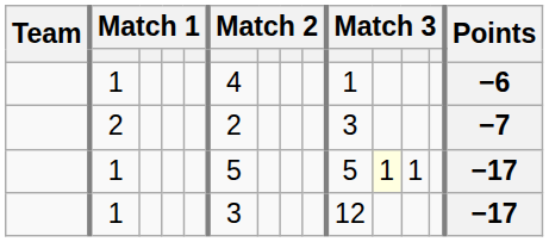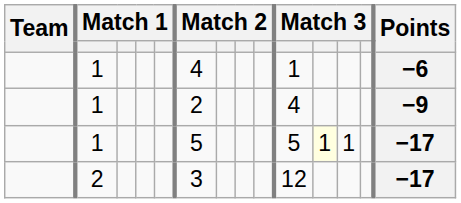 <table class="wikitable sortable" style="text-align:center;">
 <tr>
 <th rowspan=2>Team</th>
 <th colspan=4 style="border-left:3px solid gray">Match 1</th>
 <th colspan=4 style="border-left:3px solid gray">Match 2</th>
 <th colspan=4 style="border-left:3px solid gray">Match 3</th>
 <th rowspan=2 style="border-left:3px solid gray">Points</th>
 </tr>
 <tr>
 <th style="border-left:3px solid gray"></th>
 <th></th>
 <th></th>
 <th></th>
 <th style="border-left:3px solid gray"></th>
 <th></th>
 <th></th>
 <th></th>
 <th style="border-left:3px solid gray"></th>
 <th></th>
 <th></th>
 <th></th>
 </tr>
 <tr>
 <td align=left></td>
 <td style="border-left:3px solid gray">1</td>
 <td></td>
 <td></td>
 <td></td>
 <td style="border-left:3px solid gray">4</td>
 <td></td>
 <td></td>
 <td></td>
 <td style="border-left:3px solid gray">1</td>
 <td></td>
 <td></td>
 <td></td>
 <th style="border-left:3px solid gray">−6</th>
 </tr>
 <tr>
 <td align=left></td>
-<td style="border-left:3px solid gray">2</td>
+<td style="border-left:3px solid gray">1</td>
 <td></td>
 <td></td>
 <td></td>
 <td style="border-left:3px solid gray">2</td>
 <td></td>
 <td></td>
 <td></td>
-<td style="border-left:3px solid gray">3</td>
+<td style="border-left:3px solid gray">4</td>
 <td></td>
 <td></td>
 <td></td>
-<th style="border-left:3px solid gray">−7</th>
+<th style="border-left:3px solid gray">−9</th>
 </tr>
 <tr>
 <td align=left></td>
 <td style="border-left:3px solid gray">1</td>
 <td></td>
 <td></td>
 <td></td>
 <td style="border-left:3px solid gray">5</td>
 <td></td>
 <td></td>
 <td></td>
 <td style="border-left:3px solid gray">5</td>
 <td style="background: lightyellow;">1</td>
 <td>1</td>
 <td></td>
 <th style="border-left:3px solid gray">−17</th>
 </tr>
 <tr>
 <td align=left></td>
-<td style="border-left:3px solid gray">1</td>
+<td style="border-left:3px solid gray">2</td>
 <td></td>
 <td></td>
 <td></td>
 <td style="border-left:3px solid gray">3</td>
 <td></td>
 <td></td>
 <td></td>
 <td style="border-left:3px solid gray">12</td>
 <td></td>
 <td></td>
 <td></td>
 <th style="border-left:3px solid gray">−17</th>
 </tr>
 </table>
